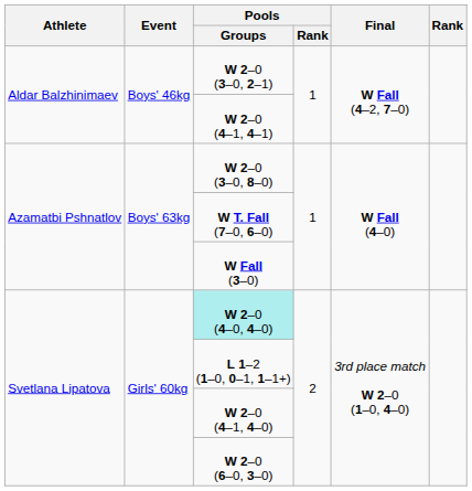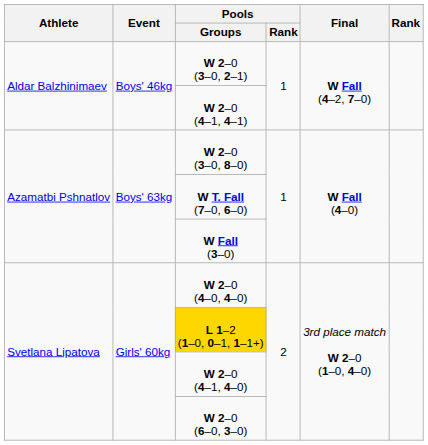 <table class="wikitable" style="text-align:left; font-size:90%">
 <tr>
 <th rowspan="2">Athlete</th>
 <th rowspan="2">Event</th>
 <th colspan="2">Pools</th>
 <th rowspan="2">Final</th>
 <th rowspan="2">Rank</th>
 </tr>
 <tr>
 <th>Groups</th>
 <th>Rank</th>
 </tr>
 <tr>
 <td rowspan="2"><a href='#'>Aldar Balzhinimaev</a></td>
 <td rowspan="2"><a href='#'>Boys' 46kg</a></td>
 <td align=center><br><strong>W</strong> <strong>2</strong>–0<br>(<strong>3</strong>–0, <strong>2</strong>–1)</td>
 <td rowspan="2" align=center>1</td>
 <td align=center rowspan=2><br><strong>W</strong> <strong><a href='#'>Fall</a></strong><br>(<strong>4</strong>–2, <strong>7</strong>–0)</td>
 <td rowspan="2" align="center"></td>
 </tr>
 <tr>
 <td align=center><br><strong>W</strong> <strong>2</strong>–0<br>(<strong>4</strong>–1, <strong>4</strong>–1)</td>
 </tr>
 <tr>
 <td rowspan="3"><a href='#'>Azamatbi Pshnatlov</a></td>
 <td rowspan="3"><a href='#'>Boys' 63kg</a></td>
 <td align=center><br><strong>W</strong> <strong>2</strong>–0<br>(<strong>3</strong>–0, <strong>8</strong>–0)</td>
 <td rowspan="3" align=center>1</td>
 <td align=center rowspan=3><br><strong>W</strong> <strong><a href='#'>Fall</a></strong><br>(<strong>4</strong>–0)</td>
 <td rowspan="3" align="center"></td>
 </tr>
 <tr>
 <td align=center><br><strong>W</strong> <strong><a href='#'>T. Fall</a></strong><br>(<strong>7</strong>–0, <strong>6</strong>–0)</td>
 </tr>
 <tr>
 <td align=center><br><strong>W</strong> <strong><a href='#'>Fall</a></strong><br>(<strong>3</strong>–0)</td>
 </tr>
 <tr>
 <td rowspan="4"><a href='#'>Svetlana Lipatova</a></td>
 <td rowspan="4"><a href='#'>Girls' 60kg</a></td>
-<td align=center style="background: paleturquoise;"><br><strong>W</strong> <strong>2</strong>–0<br>(<strong>4</strong>–0, <strong>4</strong>–0)</td>
+<td align=center><br><strong>W</strong> <strong>2</strong>–0<br>(<strong>4</strong>–0, <strong>4</strong>–0)</td>
 <td rowspan="4" align=center>2</td>
 <td align=center rowspan=4><em>3rd place match</em><br><br><strong>W</strong> <strong>2</strong>–0<br>(<strong>1</strong>–0, <strong>4</strong>–0)</td>
 <td rowspan="4" align="center"></td>
 </tr>
 <tr>
-<td align=center><br><strong>L</strong> <strong>1</strong>–2<br>(<strong>1</strong>–0, <strong>0</strong>–1, <strong>1</strong>–1+)</td>
+<td align=center style="background: gold;"><br><strong>L</strong> <strong>1</strong>–2<br>(<strong>1</strong>–0, <strong>0</strong>–1, <strong>1</strong>–1+)</td>
 </tr>
 <tr>
 <td align=center><br><strong>W</strong> <strong>2</strong>–0<br>(<strong>4</strong>–1, <strong>4</strong>–0)</td>
 </tr>
 <tr>
 <td align=center><br><strong>W</strong> <strong>2</strong>–0<br>(<strong>6</strong>–0, <strong>3</strong>–0)</td>
 </tr>
 </table>
